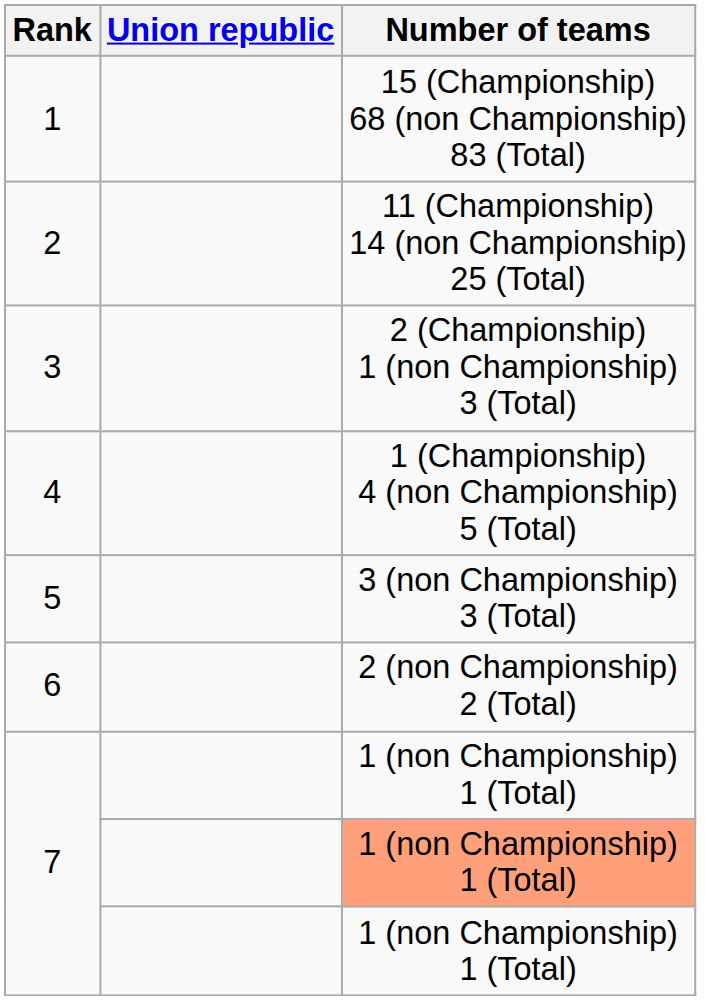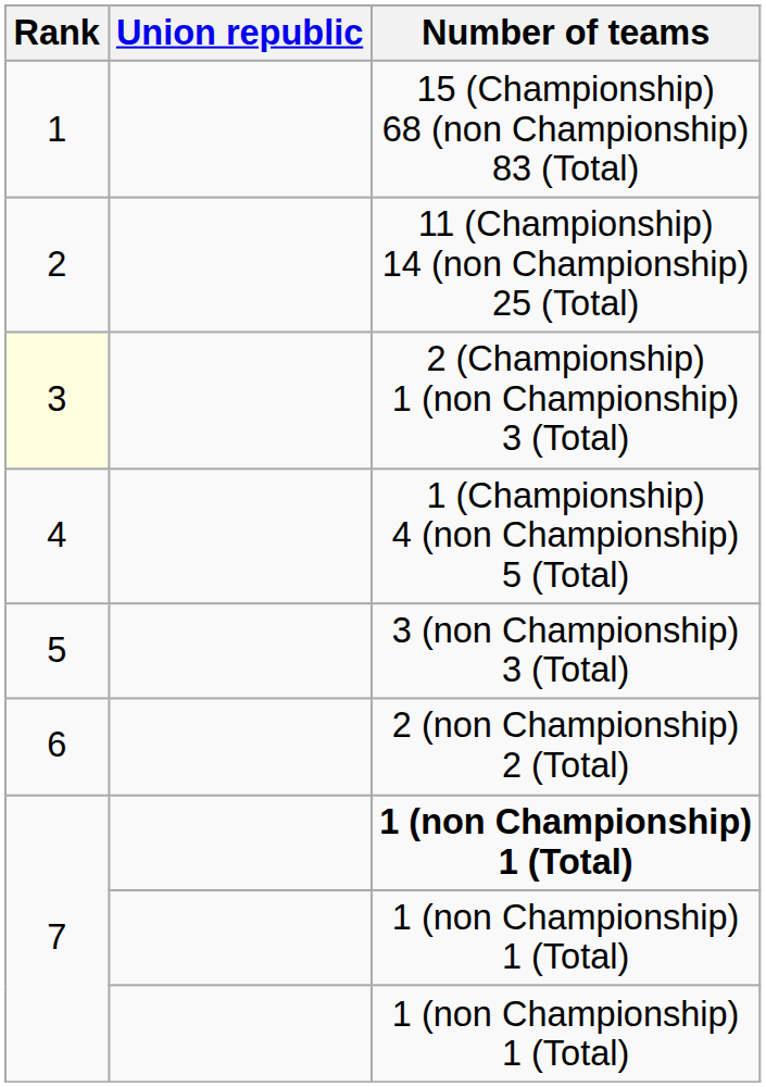 <table class="wikitable">
 <tr>
 <th>Rank</th>
 <th><a href='#'>Union republic</a></th>
 <th>Number of teams</th>
 </tr>
 <tr>
 <td align="center" rowspan=1>1</td>
 <td></td>
 <td align="center" rowspan=1>15 (Championship)<br>68 (non Championship)<br>83 (Total)</td>
 </tr>
 <tr>
 <td align="center" rowspan=1>2</td>
 <td></td>
 <td align="center" rowspan=1>11 (Championship)<br>14 (non Championship)<br>25 (Total)</td>
 </tr>
 <tr>
-<td align="center" rowspan=1>3</td>
+<td align="center" rowspan=1 style="background: lightyellow;">3</td>
 <td></td>
 <td align="center" rowspan=1>2 (Championship)<br>1 (non Championship)<br>3 (Total)</td>
 </tr>
 <tr>
 <td align="center" rowspan=1>4</td>
 <td></td>
 <td align="center" rowspan=1>1 (Championship)<br>4 (non Championship)<br>5 (Total)</td>
 </tr>
 <tr>
 <td align="center" rowspan=1>5</td>
 <td></td>
 <td align="center" rowspan=1>3 (non Championship)<br>3 (Total)</td>
 </tr>
 <tr>
 <td align="center" rowspan=1>6</td>
 <td></td>
 <td align="center" rowspan=1>2 (non Championship)<br>2 (Total)</td>
 </tr>
 <tr>
 <td align="center" rowspan=3>7</td>
 <td></td>
-<td align="center" rowspan=1>1 (non Championship)<br>1 (Total)</td>
+<td align="center" rowspan=1><strong>1 (non Championship)<br>1 (Total)</strong></td>
 </tr>
 <tr>
 <td></td>
-<td align="center" rowspan=1 style="background: lightsalmon;">1 (non Championship)<br>1 (Total)</td>
+<td align="center" rowspan=1>1 (non Championship)<br>1 (Total)</td>
 </tr>
 <tr>
 <td></td>
 <td align="center" rowspan=1>1 (non Championship)<br>1 (Total)</td>
 </tr>
 <tr>
 </tr>
 </table>
